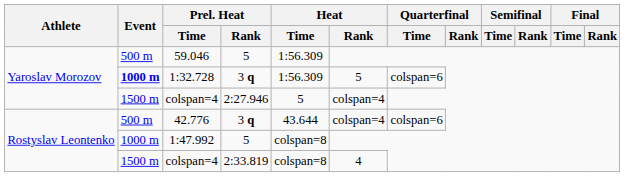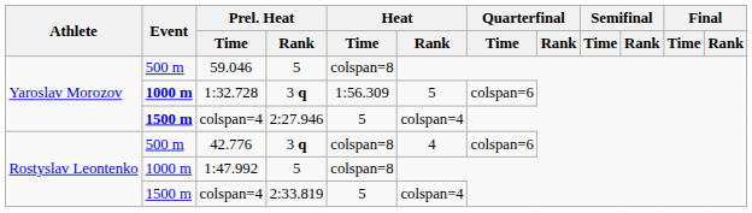 <table class=wikitable style=font-size:90%;text-align:center>
 <tr>
 <th rowspan="2">Athlete</th>
 <th rowspan="2">Event</th>
 <th colspan="2">Prel. Heat</th>
 <th colspan="2">Heat</th>
 <th colspan="2">Quarterfinal</th>
 <th colspan="2">Semifinal</th>
 <th colspan="2">Final</th>
 </tr>
 <tr>
 <th>Time</th>
 <th>Rank</th>
 <th>Time</th>
 <th>Rank</th>
 <th>Time</th>
 <th>Rank</th>
 <th>Time</th>
 <th>Rank</th>
 <th>Time</th>
 <th>Rank</th>
 </tr>
 <tr>
 <td align=left rowspan=3><a href='#'>Yaroslav Morozov</a></td>
 <td align=left><a href='#'>500 m</a></td>
 <td>59.046</td>
 <td>5</td>
-<td>1:56.309</td>
+<td>colspan=8 </td>
 </tr>
 <tr>
 <td align=left><strong><a href='#'>1000 m</a></strong></td>
 <td>1:32.728</td>
 <td>3 <strong>q</strong></td>
 <td>1:56.309</td>
 <td>5</td>
 <td>colspan=6 </td>
 </tr>
 <tr>
-<td align=left><a href='#'>1500 m</a></td>
+<td align=left><strong><a href='#'>1500 m</a></strong></td>
 <td>colspan=4 </td>
 <td>2:27.946</td>
 <td>5</td>
 <td>colspan=4 </td>
 </tr>
 <tr>
 <td align=left rowspan=3><a href='#'>Rostyslav Leontenko</a></td>
 <td align=left><a href='#'>500 m</a></td>
 <td>42.776</td>
 <td>3 <strong>q</strong></td>
-<td>43.644</td>
-<td>colspan=4 </td>
+<td>colspan=8 </td>
+<td>4</td>
 <td>colspan=6 </td>
 </tr>
 <tr>
 <td align=left><a href='#'>1000 m</a></td>
 <td>1:47.992</td>
 <td>5</td>
 <td>colspan=8 </td>
 </tr>
 <tr>
 <td align=left><a href='#'>1500 m</a></td>
 <td>colspan=4 </td>
 <td>2:33.819</td>
-<td>colspan=8 </td>
-<td>4</td>
+<td>5</td>
+<td>colspan=4 </td>
 </tr>
 </table>
